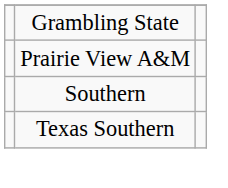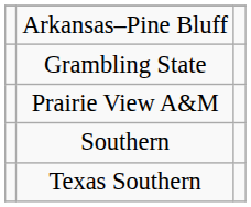 <table class="wikitable" style="display: inline-table;">
 <tr align="center">
+</tr>
+<tr align="center">
+<td></td>
+<td>Arkansas–Pine Bluff</td>
+<td></td>
 </tr>
 <tr align="center">
 <td></td>
 <td>Grambling State</td>
 <td></td>
 </tr>
 <tr align="center">
 <td></td>
 <td>Prairie View A&M</td>
 <td></td>
 </tr>
 <tr align="center">
 <td></td>
 <td>Southern</td>
 <td></td>
 </tr>
 <tr align="center">
 <td></td>
 <td>Texas Southern</td>
 <td></td>
 </tr>
 </table>
